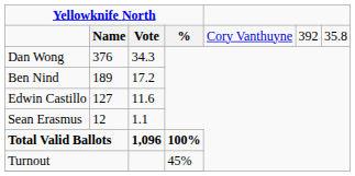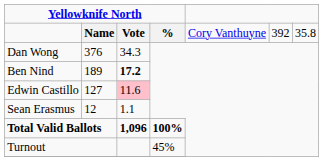 <table class="wikitable">
 <tr>
 <td colspan=4 align=center><strong><a href='#'>Yellowknife North</a></strong></td>
 </tr>
 <tr>
 <td></td>
 <th><strong>Name </strong></th>
 <th><strong>Vote</strong></th>
 <th><strong>%</strong><br></th>
 <td><a href='#'>Cory Vanthuyne</a></td>
 <td>392</td>
 <td>35.8</td>
 </tr>
 <tr>
 <td>Dan Wong</td>
 <td>376</td>
 <td>34.3</td>
 </tr>
 <tr>
 <td>Ben Nind</td>
 <td>189</td>
-<td>17.2</td>
+<td><strong>17.2</strong></td>
 </tr>
 <tr>
 <td>Edwin Castillo</td>
 <td>127</td>
-<td>11.6</td>
+<td style="background: pink;">11.6</td>
 </tr>
 <tr>
 <td>Sean Erasmus</td>
 <td>12</td>
 <td>1.1</td>
 </tr>
 <tr>
 <td colspan=2><strong>Total Valid Ballots</strong></td>
 <td><strong>1,096</strong></td>
 <td><strong>100%</strong></td>
 </tr>
 <tr>
 <td colspan=2>Turnout</td>
 <td></td>
 <td>45%</td>
 </tr>
 <tr>
 </tr>
 </table>
